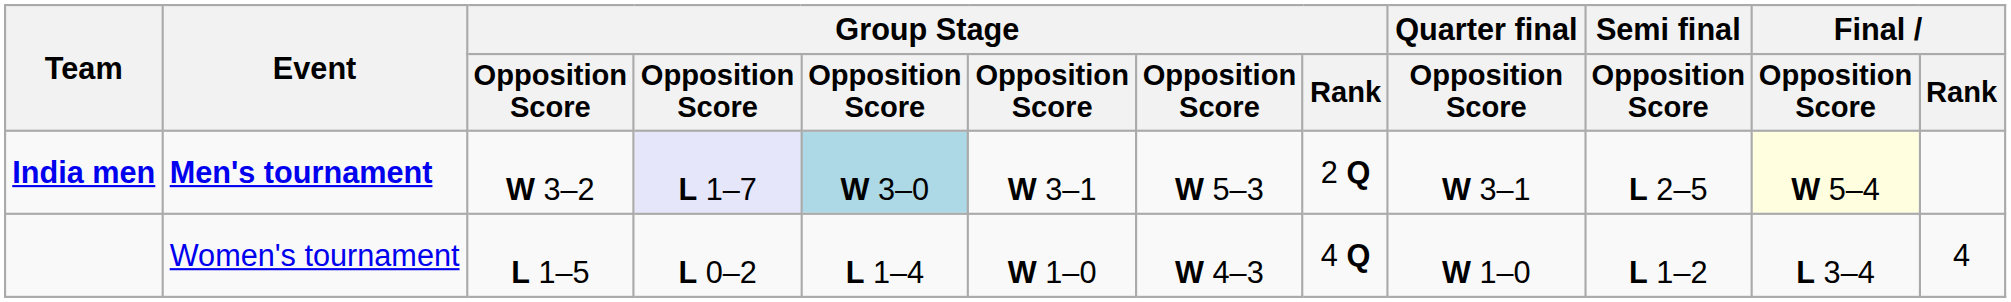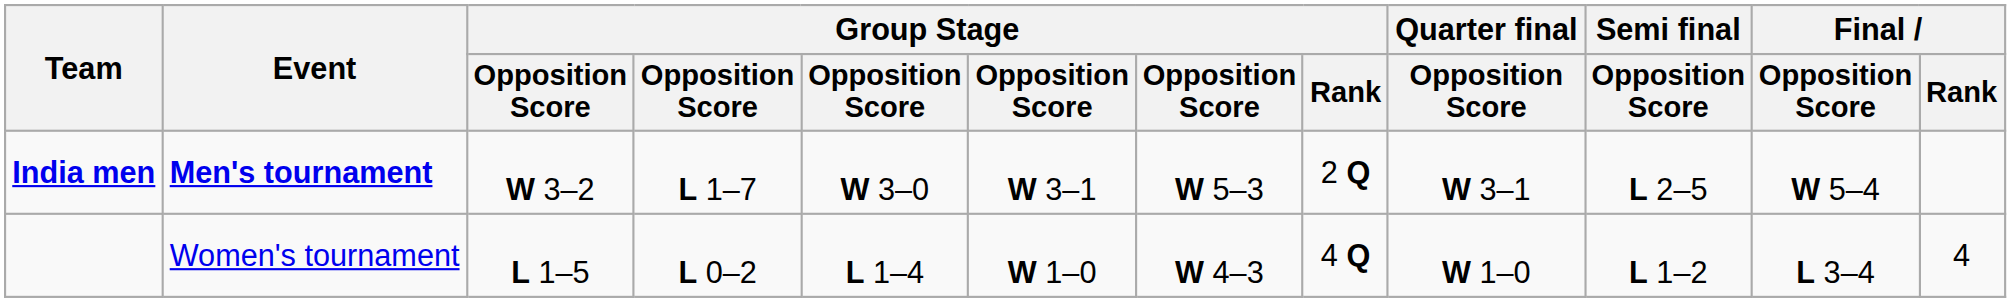 <table class="wikitable" style="font-size:90%">
 <tr>
 <th rowspan=2>Team</th>
 <th rowspan=2>Event</th>
 <th colspan=6>Group Stage</th>
 <th>Quarter final</th>
 <th>Semi final</th>
 <th colspan=2>Final / </th>
 </tr>
 <tr style="font-size:95%">
 <th>Opposition <br> Score</th>
 <th>Opposition <br> Score</th>
 <th>Opposition <br> Score</th>
 <th>Opposition <br> Score</th>
 <th>Opposition <br> Score</th>
 <th>Rank</th>
 <th>Opposition <br> Score</th>
 <th>Opposition <br> Score</th>
 <th>Opposition <br> Score</th>
 <th>Rank</th>
 </tr>
 <tr align=center>
 <td align=left><strong><a href='#'>India men</a></strong></td>
 <td align=left><strong><a href='#'>Men's tournament</a></strong></td>
 <td> <br> <strong>W</strong> 3–2</td>
-<td style="background: lavender;"> <br> <strong>L</strong> 1–7</td>
-<td style="background: lightblue;"> <br> <strong>W</strong> 3–0</td>
+<td> <br> <strong>L</strong> 1–7</td>
+<td> <br> <strong>W</strong> 3–0</td>
 <td> <br> <strong>W</strong> 3–1</td>
 <td> <br> <strong>W</strong> 5–3</td>
 <td>2 <strong>Q</strong></td>
 <td> <br> <strong>W</strong> 3–1</td>
 <td> <br> <strong>L</strong> 2–5</td>
-<td style="background: lightyellow;"> <br> <strong>W</strong> 5–4</td>
+<td> <br> <strong>W</strong> 5–4</td>
 <td></td>
 </tr>
 <tr align=center>
 <td align=left></td>
 <td align=left><a href='#'>Women's tournament</a></td>
 <td> <br> <strong>L</strong> 1–5</td>
 <td> <br> <strong>L</strong> 0–2</td>
 <td> <br> <strong>L</strong> 1–4</td>
 <td> <br> <strong>W</strong> 1–0</td>
 <td> <br> <strong>W</strong> 4–3</td>
 <td>4 <strong>Q</strong></td>
 <td> <br> <strong>W</strong> 1–0</td>
 <td> <br> <strong>L</strong> 1–2</td>
 <td> <br> <strong>L</strong> 3–4</td>
 <td>4</td>
 </tr>
 </table>
